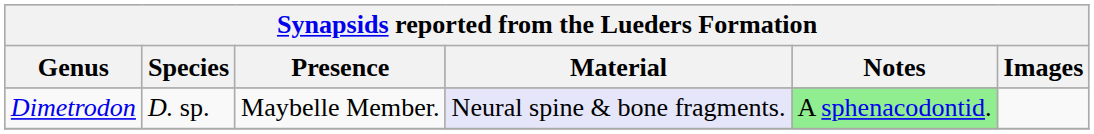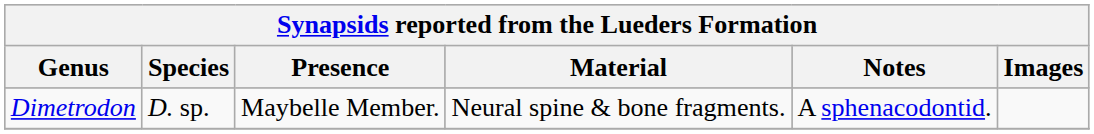 <table class="wikitable" align="center">
 <tr>
 <th colspan="6" align="center"><strong><a href='#'>Synapsids</a> reported from the Lueders Formation</strong></th>
 </tr>
 <tr>
 <th>Genus</th>
 <th>Species</th>
 <th>Presence</th>
 <th><strong>Material</strong></th>
 <th>Notes</th>
 <th>Images</th>
 </tr>
 <tr>
 <td><em><a href='#'>Dimetrodon</a></em></td>
 <td><em>D.</em> sp.</td>
 <td>Maybelle Member.</td>
-<td style="background: lavender;">Neural spine & bone fragments.</td>
-<td style="background: lightgreen;">A <a href='#'>sphenacodontid</a>.</td>
+<td>Neural spine & bone fragments.</td>
+<td>A <a href='#'>sphenacodontid</a>.</td>
 <td></td>
 </tr>
 <tr>
 </tr>
 </table>
